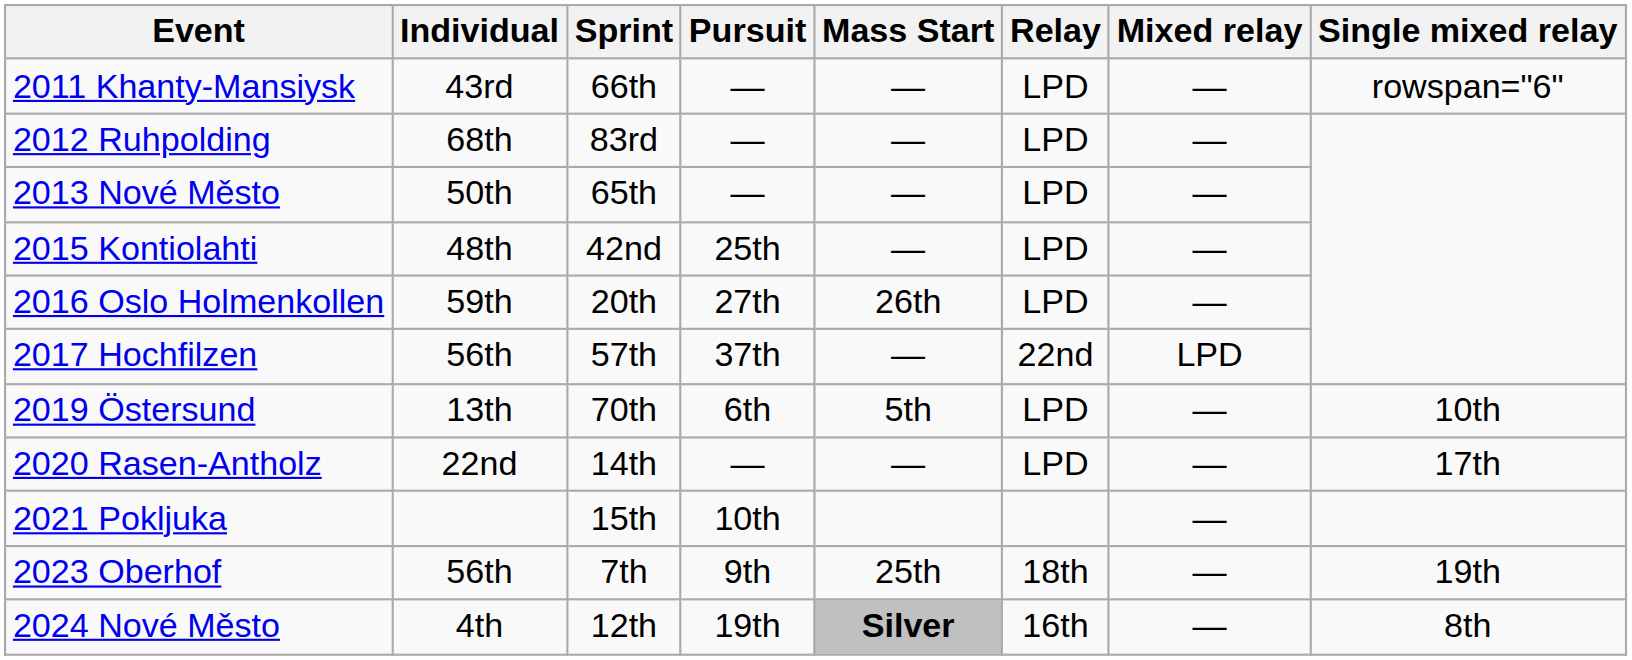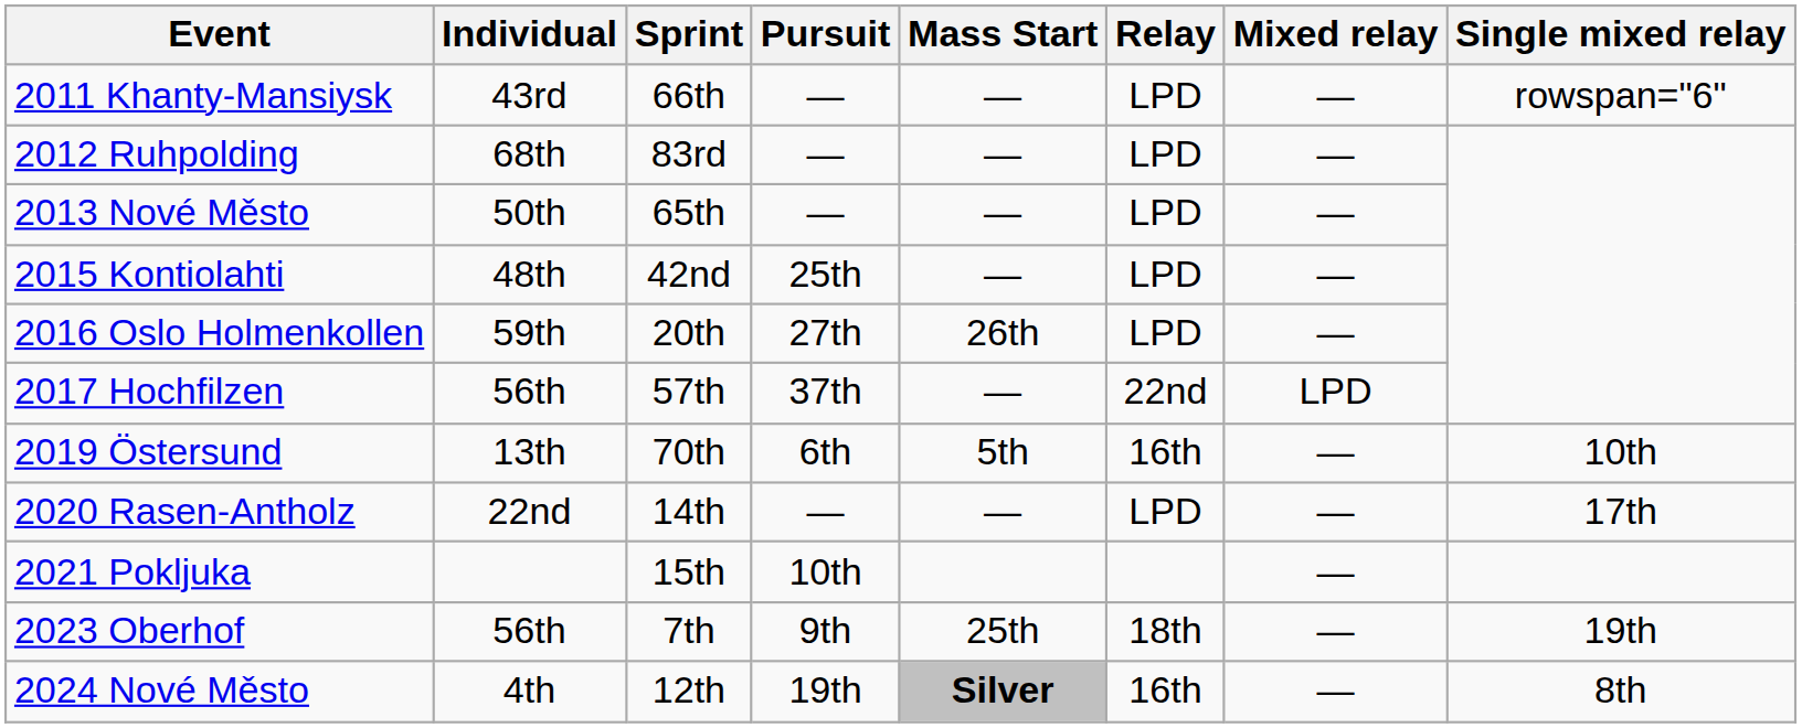 <table class="wikitable" style="text-align: center;">
 <tr>
 <th>Event</th>
 <th>Individual</th>
 <th>Sprint</th>
 <th>Pursuit</th>
 <th>Mass Start</th>
 <th>Relay</th>
 <th>Mixed relay</th>
 <th>Single mixed relay</th>
 </tr>
 <tr>
 <td align=left> <a href='#'>2011 Khanty-Mansiysk</a></td>
 <td>43rd</td>
 <td>66th</td>
 <td>—</td>
 <td>—</td>
 <td>LPD</td>
 <td>—</td>
 <td>rowspan="6" </td>
 </tr>
 <tr>
 <td align=left> <a href='#'>2012 Ruhpolding</a></td>
 <td>68th</td>
 <td>83rd</td>
 <td>—</td>
 <td>—</td>
 <td>LPD</td>
 <td>—</td>
 </tr>
 <tr>
 <td align=left> <a href='#'>2013 Nové Město</a></td>
 <td>50th</td>
 <td>65th</td>
 <td>—</td>
 <td>—</td>
 <td>LPD</td>
 <td>—</td>
 </tr>
 <tr>
 <td align=left> <a href='#'>2015 Kontiolahti</a></td>
 <td>48th</td>
 <td>42nd</td>
 <td>25th</td>
 <td>—</td>
 <td>LPD</td>
 <td>—</td>
 </tr>
 <tr>
 <td align=left> <a href='#'>2016 Oslo Holmenkollen</a></td>
 <td>59th</td>
 <td>20th</td>
 <td>27th</td>
 <td>26th</td>
 <td>LPD</td>
 <td>—</td>
 </tr>
 <tr>
 <td align=left> <a href='#'>2017 Hochfilzen</a></td>
 <td>56th</td>
 <td>57th</td>
 <td>37th</td>
 <td>—</td>
 <td>22nd</td>
 <td>LPD</td>
 </tr>
 <tr>
 <td align=left> <a href='#'>2019 Östersund</a></td>
 <td>13th</td>
 <td>70th</td>
 <td>6th</td>
 <td>5th</td>
-<td>LPD</td>
+<td>16th</td>
 <td>—</td>
 <td>10th</td>
 </tr>
 <tr>
 <td align=left> <a href='#'>2020 Rasen-Antholz</a></td>
 <td>22nd</td>
 <td>14th</td>
 <td>—</td>
 <td>—</td>
 <td>LPD</td>
 <td>—</td>
 <td>17th</td>
 </tr>
 <tr>
 <td align=left> <a href='#'>2021 Pokljuka</a></td>
 <td></td>
 <td>15th</td>
 <td>10th</td>
 <td></td>
 <td></td>
 <td>—</td>
 <td></td>
 </tr>
 <tr>
 <td align=left> <a href='#'>2023 Oberhof</a></td>
 <td>56th</td>
 <td>7th</td>
 <td>9th</td>
 <td>25th</td>
 <td>18th</td>
 <td>—</td>
 <td>19th</td>
 </tr>
 <tr>
 <td align=left> <a href='#'>2024 Nové Město</a></td>
 <td>4th</td>
 <td>12th</td>
 <td>19th</td>
 <td align=center bgcolor=silver><strong>Silver</strong></td>
 <td>16th</td>
 <td>—</td>
 <td>8th</td>
 </tr>
 </table>
